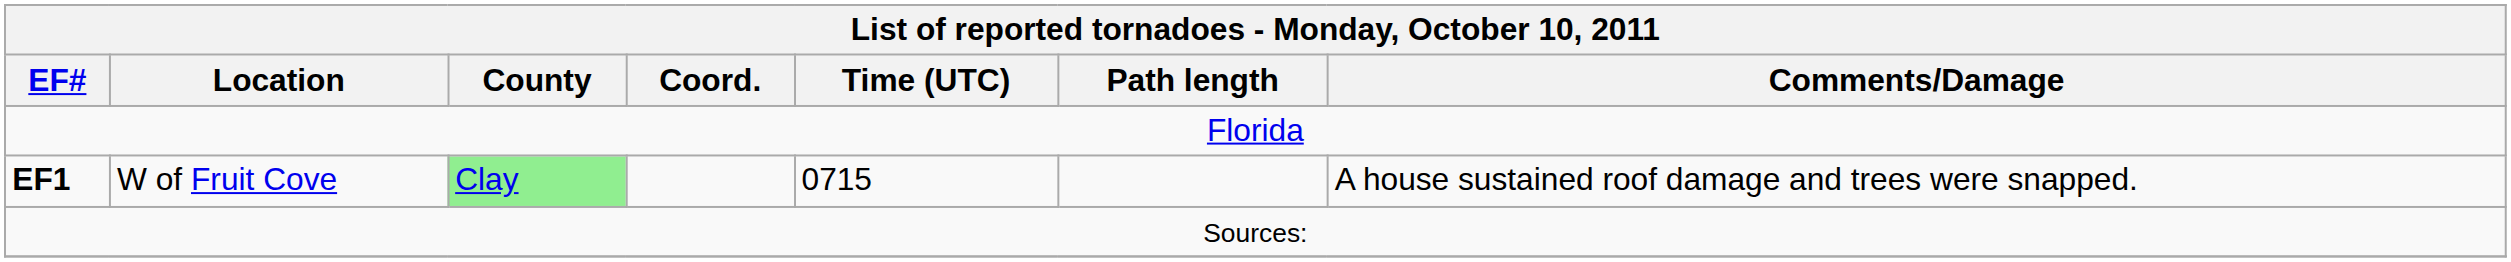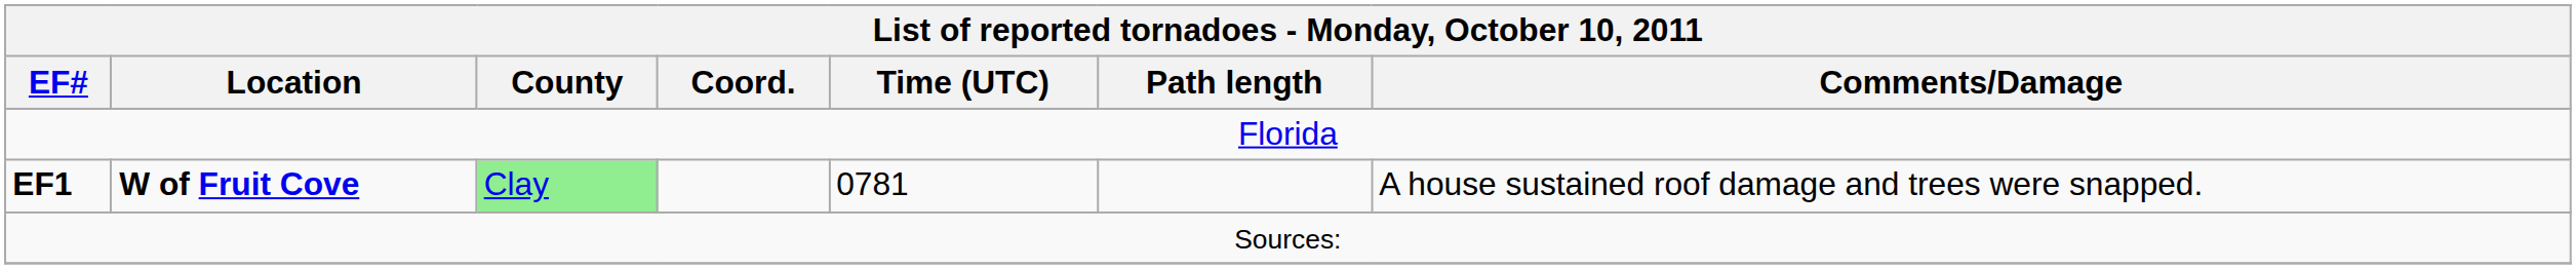 <table class="wikitable collapsible" width="100%">
 <tr>
 <th colspan="7">List of reported tornadoes - Monday, October 10, 2011</th>
 </tr>
 <tr>
 <th><a href='#'>EF#</a></th>
 <th>Location</th>
 <th>County</th>
 <th>Coord.</th>
 <th>Time (UTC)</th>
 <th>Path length</th>
 <th>Comments/Damage</th>
 </tr>
 <tr>
 <td colspan="7" align=center><a href='#'>Florida</a></td>
 </tr>
 <tr>
 <td><strong>EF1</strong></td>
-<td>W of <a href='#'>Fruit Cove</a></td>
+<td><strong>W of <a href='#'>Fruit Cove</a></strong></td>
 <td style="background: lightgreen;"><a href='#'>Clay</a></td>
 <td></td>
-<td>0715</td>
+<td>0781</td>
 <td></td>
 <td>A house sustained roof damage and trees were snapped.</td>
 </tr>
 <tr>
 <td colspan="7" align=center><small>Sources: </small></td>
 </tr>
 <tr>
 </tr>
 </table>
